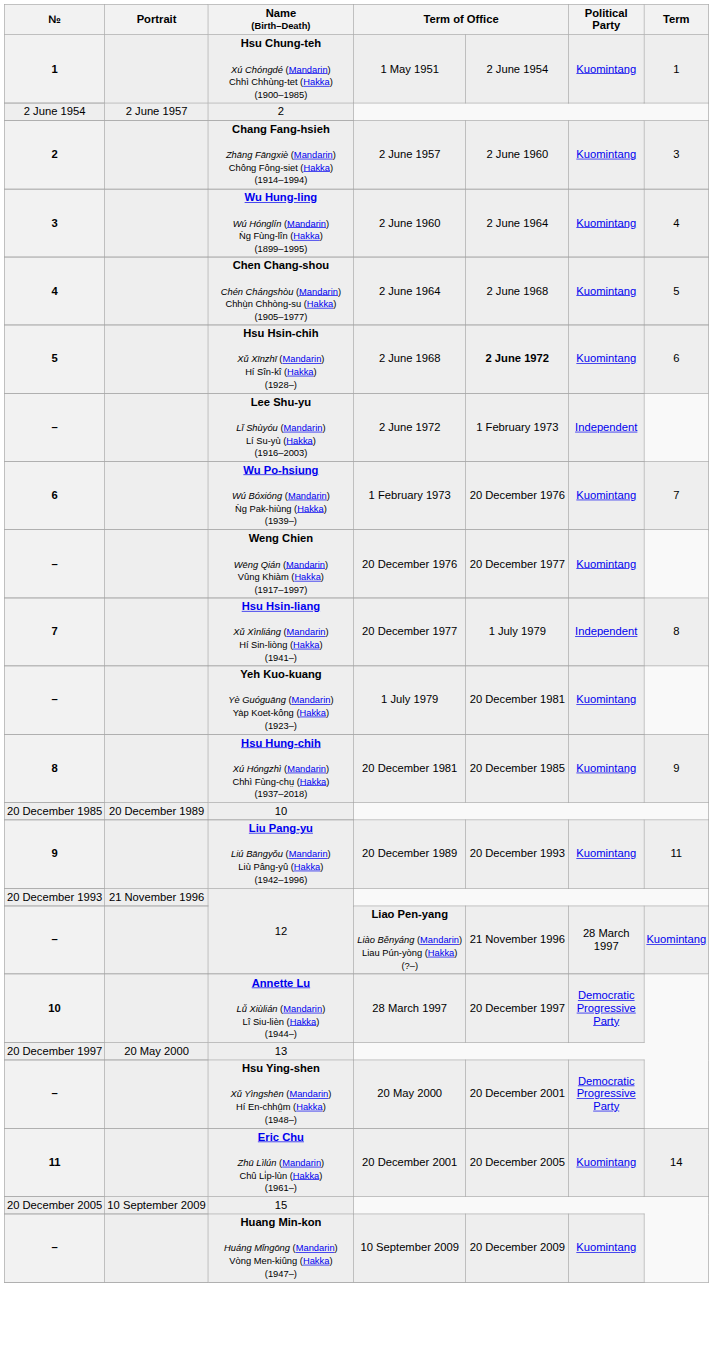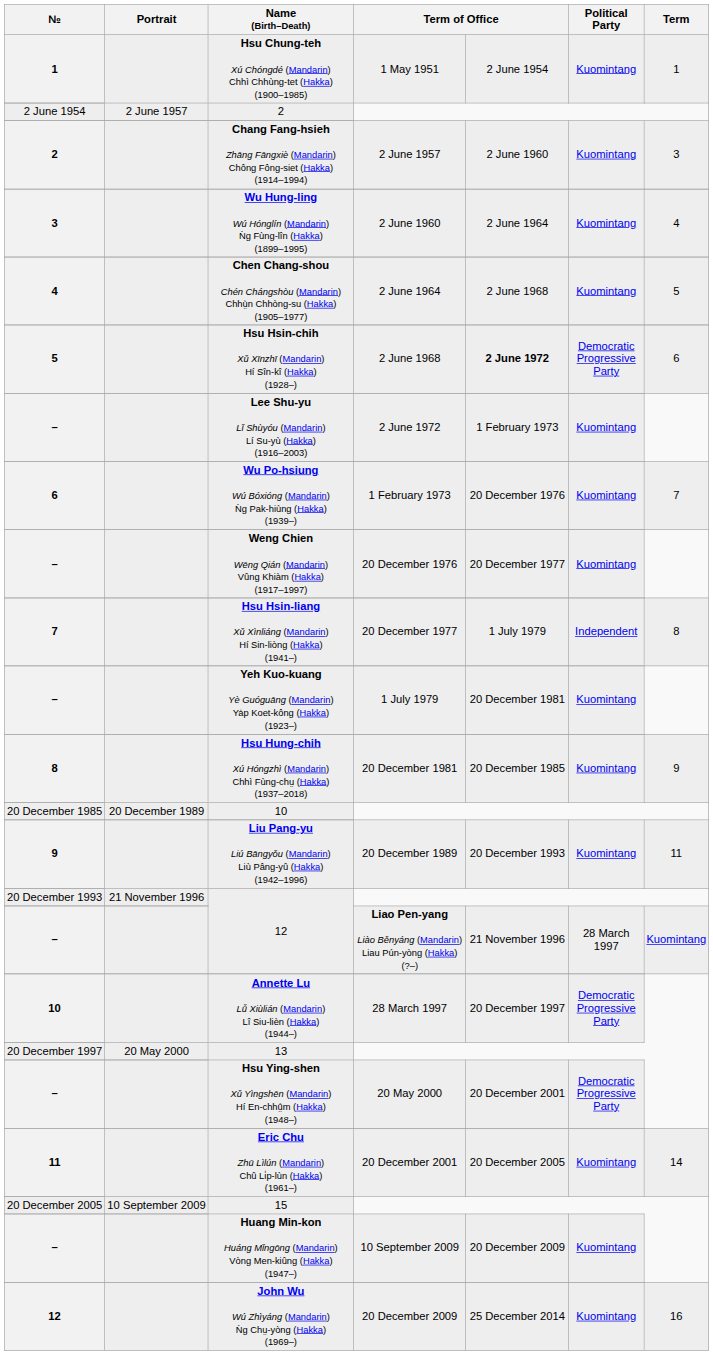 <table class="wikitable" style="text-align:center">
 <tr ->
 <th>№</th>
 <th>Portrait</th>
 <th width="200">Name<br><small>(Birth–Death)</small></th>
 <th colspan=2 width="300">Term of Office</th>
 <th width="100">Political Party</th>
 <th width = "50">Term</th>
 </tr>
 <tr - bgcolor=#EEEEEE>
 <th style="background:">1</th>
 <td rowspan=2></td>
 <td rowspan=2><strong>Hsu Chung-teh</strong> <br><br><small><em>Xú Chóngdé</em> (<a href='#'>Mandarin</a>)<br>Chhì Chhùng-tet (<a href='#'>Hakka</a>)<br>(1900–1985)</small></td>
 <td>1 May 1951</td>
 <td>2 June 1954</td>
 <td rowspan=2><a href='#'>Kuomintang</a></td>
 <td>1</td>
 </tr>
 <tr ->
 </tr>
 <tr - bgcolor=#EEEEEE>
 <td>2 June 1954</td>
 <td>2 June 1957</td>
 <td>2</td>
 </tr>
 <tr ->
 </tr>
 <tr - bgcolor=#EEEEEE>
 <th style="background:">2</th>
 <td></td>
 <td><strong>Chang Fang-hsieh</strong><br><br><small><em>Zhāng Fāngxiè</em> (<a href='#'>Mandarin</a>)<br>Chông Fông-siet (<a href='#'>Hakka</a>)<br>(1914–1994)</small></td>
 <td>2 June 1957</td>
 <td>2 June 1960</td>
 <td><a href='#'>Kuomintang</a></td>
 <td>3</td>
 </tr>
 <tr ->
 </tr>
 <tr - bgcolor=#EEEEEE>
 <th style="background:">3</th>
 <td align=center></td>
 <td><strong><a href='#'>Wu Hung-ling</a></strong> <br><br><small><em>Wú Hónglín</em> (<a href='#'>Mandarin</a>)<br>Ǹg Fùng-lîn (<a href='#'>Hakka</a>)<br>(1899–1995)</small></td>
 <td>2 June 1960</td>
 <td>2 June 1964</td>
 <td><a href='#'>Kuomintang</a></td>
 <td>4</td>
 </tr>
 <tr ->
 </tr>
 <tr - bgcolor=#EEEEEE>
 <th style="background:">4</th>
 <td align=center></td>
 <td><strong>Chen Chang-shou</strong> <br><br><small><em>Chén Chángshòu</em> (<a href='#'>Mandarin</a>)<br>Chhṳ̀n Chhòng-su (<a href='#'>Hakka</a>)<br>(1905–1977)</small></td>
 <td>2 June 1964</td>
 <td>2 June 1968</td>
 <td><a href='#'>Kuomintang</a></td>
 <td>5</td>
 </tr>
 <tr ->
 </tr>
 <tr - bgcolor=#EEEEEE>
 <th style="background:">5</th>
 <td align=center></td>
 <td><strong>Hsu Hsin-chih</strong> <br><br><small><em>Xǔ Xīnzhī</em> (<a href='#'>Mandarin</a>)<br>Hí Sîn-kî (<a href='#'>Hakka</a>)<br>(1928–)</small></td>
 <td>2 June 1968</td>
 <td><strong>2 June 1972</strong></td>
-<td><a href='#'>Kuomintang</a></td>
+<td><a href='#'>Democratic Progressive Party</a></td>
 <td rowspan=2>6</td>
 </tr>
 <tr ->
 </tr>
 <tr - bgcolor=#EEEEEE>
 <th style="background:">–</th>
 <td align=center></td>
 <td><strong>Lee Shu-yu</strong><br><br><small><em>Lǐ Shùyóu</em> (<a href='#'>Mandarin</a>)<br>Lí Su-yù (<a href='#'>Hakka</a>)<br>(1916–2003)</small></td>
 <td>2 June 1972</td>
 <td>1 February 1973</td>
-<td><a href='#'>Independent</a></td>
+<td><a href='#'>Kuomintang</a></td>
 </tr>
 <tr ->
 </tr>
 <tr - bgcolor=#EEEEEE>
 <th style="background:">6</th>
 <td align=center></td>
 <td><strong><a href='#'>Wu Po-hsiung</a></strong> <br><br><small><em>Wú Bóxióng</em> (<a href='#'>Mandarin</a>)<br>Ǹg Pak-hiùng (<a href='#'>Hakka</a>)<br>(1939–)</small></td>
 <td>1 February 1973</td>
 <td>20 December 1976</td>
 <td><a href='#'>Kuomintang</a></td>
 <td rowspan=2>7</td>
 </tr>
 <tr ->
 </tr>
 <tr - bgcolor=#EEEEEE>
 <th style="background:">–</th>
 <td align=center></td>
 <td><strong>Weng Chien</strong> <br><br><small><em>Wēng Qián</em> (<a href='#'>Mandarin</a>)<br>Vûng Khiàm (<a href='#'>Hakka</a>)<br>(1917–1997)</small></td>
 <td>20 December 1976</td>
 <td>20 December 1977</td>
 <td><a href='#'>Kuomintang</a></td>
 </tr>
 <tr ->
 </tr>
 <tr - bgcolor=#EEEEEE>
 <th style="background:">7</th>
 <td align=center></td>
 <td><strong><a href='#'>Hsu Hsin-liang</a></strong> <br><br><small><em>Xǔ Xìnliáng</em> (<a href='#'>Mandarin</a>)<br>Hí Sin-liòng (<a href='#'>Hakka</a>)<br>(1941–)</small></td>
 <td>20 December 1977</td>
 <td>1 July 1979</td>
 <td><a href='#'>Independent</a></td>
 <td rowspan=2>8</td>
 </tr>
 <tr ->
 </tr>
 <tr - bgcolor=#EEEEEE>
 <th style="background:">–</th>
 <td align=center></td>
 <td><strong>Yeh Kuo-kuang</strong><br><br><small><em>Yè Guóguāng</em> (<a href='#'>Mandarin</a>)<br>Ya̍p Koet-kông (<a href='#'>Hakka</a>)<br>(1923–)</small></td>
 <td>1 July 1979</td>
 <td>20 December 1981</td>
 <td><a href='#'>Kuomintang</a></td>
 </tr>
 <tr ->
 </tr>
 <tr - bgcolor=#EEEEEE>
 <th style="background:">8</th>
 <td rowspan=2 align=center></td>
 <td rowspan=2><strong><a href='#'>Hsu Hung-chih</a></strong><br><br><small><em>Xú Hóngzhì</em> (<a href='#'>Mandarin</a>)<br>Chhì Fùng-chṳ (<a href='#'>Hakka</a>)<br>(1937–2018)</small></td>
 <td>20 December 1981</td>
 <td>20 December 1985</td>
 <td rowspan=2><a href='#'>Kuomintang</a></td>
 <td>9</td>
 </tr>
 <tr ->
 </tr>
 <tr - bgcolor=#EEEEEE>
 <td>20 December 1985</td>
 <td>20 December 1989</td>
 <td>10</td>
 </tr>
 <tr ->
 </tr>
 <tr - bgcolor=#EEEEEE>
 <th style="background:">9</th>
 <td rowspan=2 align=center></td>
 <td rowspan=2><strong> <a href='#'>Liu Pang-yu</a></strong> <br><br><small><em>Liú Bāngyǒu</em> (<a href='#'>Mandarin</a>)<br>Liù Pâng-yû (<a href='#'>Hakka</a>)<br>(1942–1996)</small></td>
 <td>20 December 1989</td>
 <td>20 December 1993</td>
 <td rowspan=2><a href='#'>Kuomintang</a></td>
 <td>11</td>
 </tr>
 <tr ->
 </tr>
 <tr - bgcolor=#EEEEEE>
 <td>20 December 1993</td>
 <td>21 November 1996</td>
 <td rowspan=3>12</td>
 </tr>
 <tr ->
 </tr>
 <tr - bgcolor=#EEEEEE>
 <th style="background:">–</th>
 <td align=center></td>
 <td><strong>Liao Pen-yang</strong><br><br><small><em>Liào Běnyáng</em> (<a href='#'>Mandarin</a>)<br>Liau Pún-yòng (<a href='#'>Hakka</a>)<br>(?–)</small></td>
 <td>21 November 1996</td>
 <td>28 March 1997</td>
 <td><a href='#'>Kuomintang</a></td>
 </tr>
 <tr ->
 </tr>
 <tr - bgcolor=#EEEEEE>
 <th style="background:">10</th>
 <td rowspan=2 align=center></td>
 <td rowspan=2><strong><a href='#'>Annette Lu</a></strong> <br><br><small><em>Lǚ Xiùlián</em> (<a href='#'>Mandarin</a>)<br>Lî Siu-lièn (<a href='#'>Hakka</a>)<br>(1944–)</small></td>
 <td>28 March 1997</td>
 <td>20 December 1997</td>
 <td rowspan=2><a href='#'>Democratic Progressive Party</a></td>
 </tr>
 <tr ->
 </tr>
 <tr - bgcolor=#EEEEEE>
 <td>20 December 1997</td>
 <td>20 May 2000</td>
 <td rowspan=2>13</td>
 </tr>
 <tr ->
 </tr>
 <tr - bgcolor=#EEEEEE>
 <th style="background:">–</th>
 <td align=center></td>
 <td><strong>Hsu Ying-shen</strong> <br><br><small><em>Xǔ Yìngshēn</em> (<a href='#'>Mandarin</a>)<br>Hí En-chhṳ̂m (<a href='#'>Hakka</a>)<br>(1948–)</small></td>
 <td>20 May 2000</td>
 <td>20 December 2001</td>
 <td><a href='#'>Democratic Progressive Party</a></td>
 </tr>
 <tr ->
 </tr>
 <tr - bgcolor=#EEEEEE>
 <th style="background:">11</th>
 <td rowspan=2 align=center></td>
 <td rowspan=2><strong><a href='#'>Eric Chu</a></strong> <br><br><small><em>Zhū Lìlún</em> (<a href='#'>Mandarin</a>)<br>Chû Li̍p-lùn (<a href='#'>Hakka</a>)<br>(1961–)</small></td>
 <td>20 December 2001</td>
 <td>20 December 2005</td>
 <td rowspan=2><a href='#'>Kuomintang</a></td>
 <td>14</td>
 </tr>
 <tr ->
 </tr>
 <tr - bgcolor=#EEEEEE>
 <td>20 December 2005</td>
 <td>10 September 2009</td>
 <td rowspan=2>15</td>
 </tr>
 <tr ->
 </tr>
 <tr - bgcolor=#EEEEEE>
 <th style="background:">–</th>
 <td align=center></td>
 <td><strong>Huang Min-kon</strong> <br><br><small><em>Huáng Mǐngōng</em> (<a href='#'>Mandarin</a>)<br>Vòng Men-kiûng (<a href='#'>Hakka</a>)<br>(1947–)</small></td>
 <td>10 September 2009</td>
 <td>20 December 2009</td>
 <td><a href='#'>Kuomintang</a></td>
 </tr>
 <tr ->
 </tr>
+<tr - bgcolor=#EEEEEE>
+<th style="background:">12</th>
+<td align=center></td>
+<td><strong><a href='#'>John Wu</a></strong><br><br><small><em>Wú Zhìyáng</em> (<a href='#'>Mandarin</a>)<br>Ǹg Chṳ-yòng (<a href='#'>Hakka</a>)<br>(1969–)</small></td>
+<td>20 December 2009</td>
+<td>25 December 2014</td>
+<td><a href='#'>Kuomintang</a></td>
+<td>16</td>
+</tr>
 </table>
